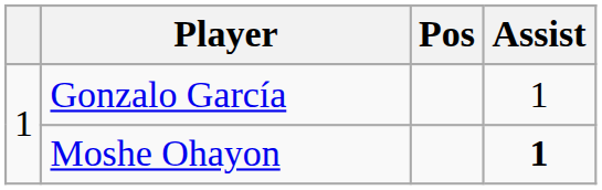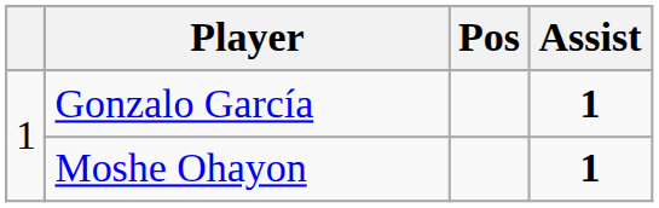 <table class="wikitable">
 <tr>
 <th></th>
 <th style="width:150px;">Player</th>
 <th>Pos</th>
 <th>Assist</th>
 </tr>
 <tr>
 <td style="text-align:center;" rowspan="2">1</td>
 <td> <a href='#'>Gonzalo García</a></td>
 <td align=center></td>
-<td align=center>1</td>
+<td align=center><strong>1</strong></td>
 </tr>
 <tr>
 <td> <a href='#'>Moshe Ohayon</a></td>
 <td align=center></td>
 <td align=center><strong>1</strong></td>
 </tr>
 </table>
